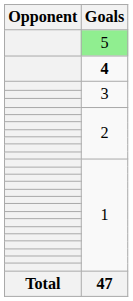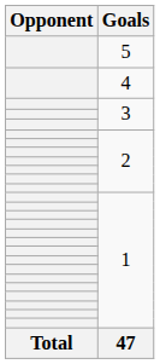 <table class="wikitable plainrowheaders sortable" style="text-align: center;">
 <tr>
 <th scope="col">Opponent</th>
 <th scope="col">Goals</th>
 </tr>
 <tr>
 <th scope="row"></th>
-<td style="background: lightgreen;">5</td>
+<td>5</td>
 </tr>
 <tr>
 <th scope="row"></th>
-<td><strong>4</strong></td>
+<td>4</td>
 </tr>
 <tr>
 <th scope="row"></th>
 <td rowspan="3">3</td>
 </tr>
 <tr>
 <th scope="row"></th>
 </tr>
 <tr>
 <th scope="row"></th>
 </tr>
 <tr>
 <th scope="row"></th>
 <td rowspan="7">2</td>
 </tr>
 <tr>
 <th scope="row"></th>
 </tr>
 <tr>
 <th scope="row"></th>
 </tr>
 <tr>
 <th scope="row"></th>
 </tr>
 <tr>
 <th scope="row"></th>
 </tr>
 <tr>
 <th scope="row"></th>
 </tr>
 <tr>
 <th scope="row"></th>
 </tr>
 <tr>
 <th scope="row"></th>
 <td rowspan="15">1</td>
 </tr>
 <tr>
 <th scope="row"></th>
 </tr>
 <tr>
 <th scope="row"></th>
 </tr>
 <tr>
 <th scope="row"></th>
 </tr>
 <tr>
 <th scope="row"></th>
 </tr>
 <tr>
 <th scope="row"></th>
 </tr>
 <tr>
 <th scope="row"></th>
 </tr>
 <tr>
 <th scope="row"></th>
 </tr>
 <tr>
 <th scope="row"></th>
 </tr>
 <tr>
 <th scope="row"></th>
 </tr>
 <tr>
 <th scope="row"></th>
 </tr>
 <tr>
 <th scope="row"></th>
 </tr>
 <tr>
 <th scope="row"></th>
 </tr>
 <tr>
 <th scope="row"></th>
 </tr>
 <tr>
 <th scope="row"></th>
 </tr>
 <tr class="sortbottom">
 <th>Total</th>
 <th>47</th>
 </tr>
 </table>
